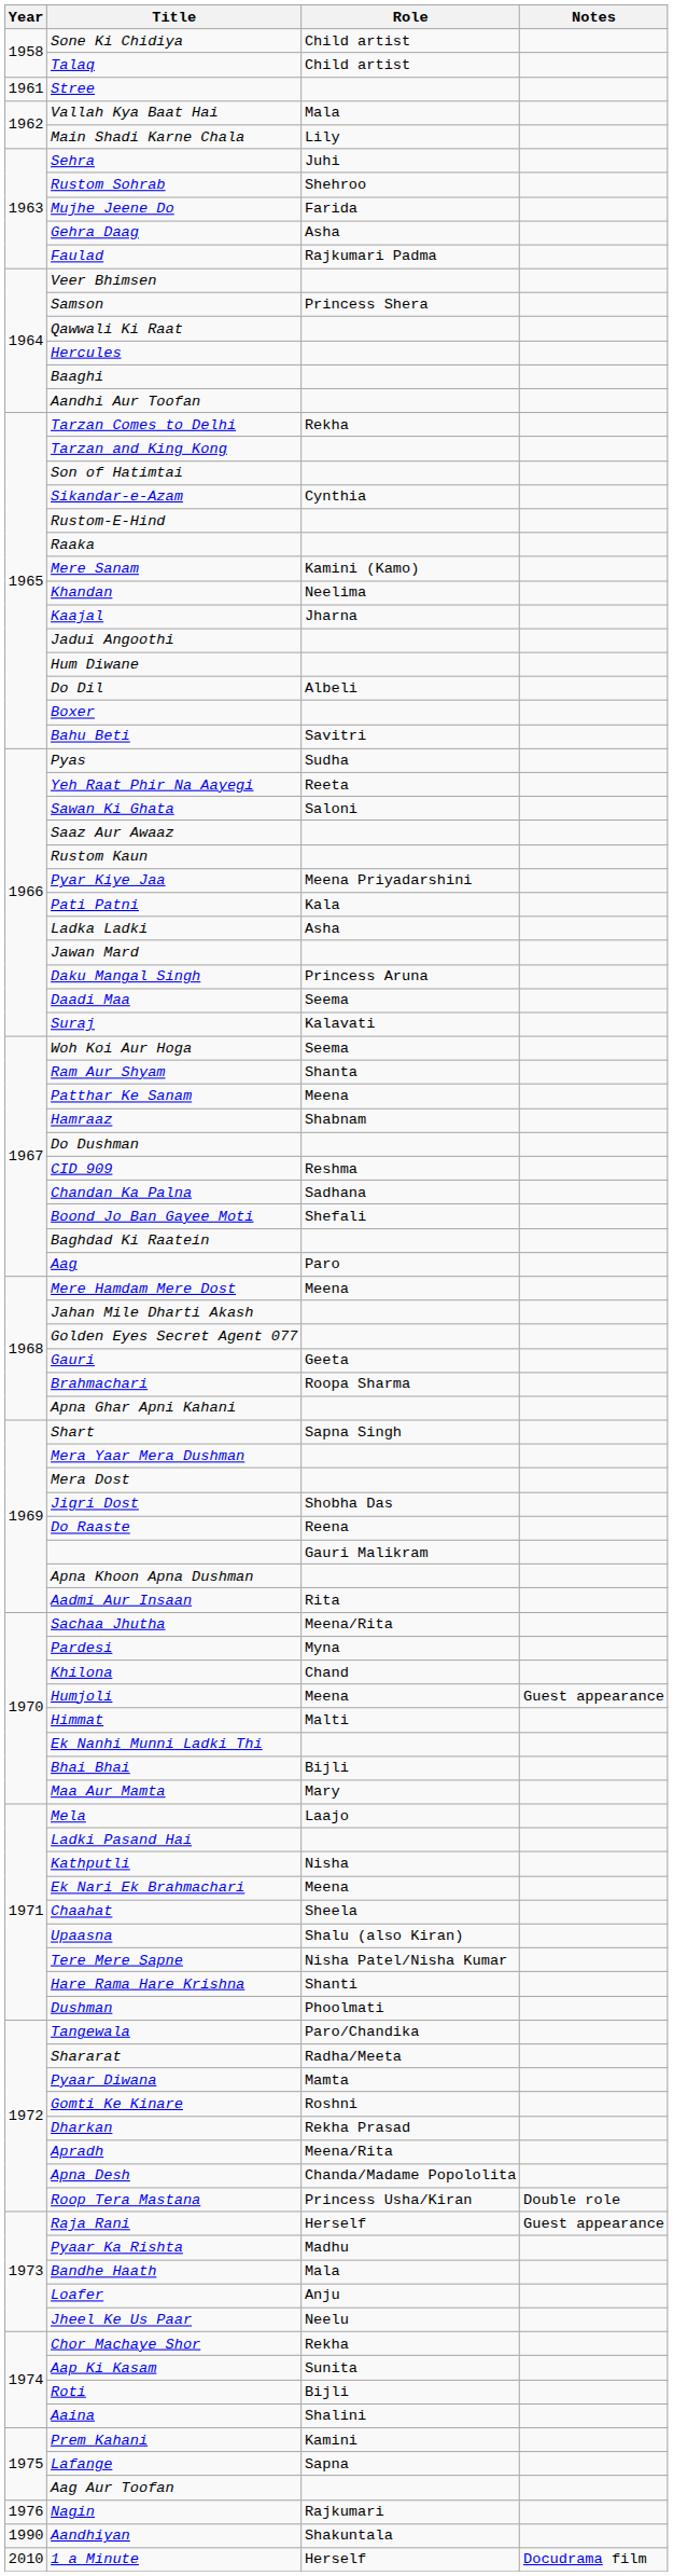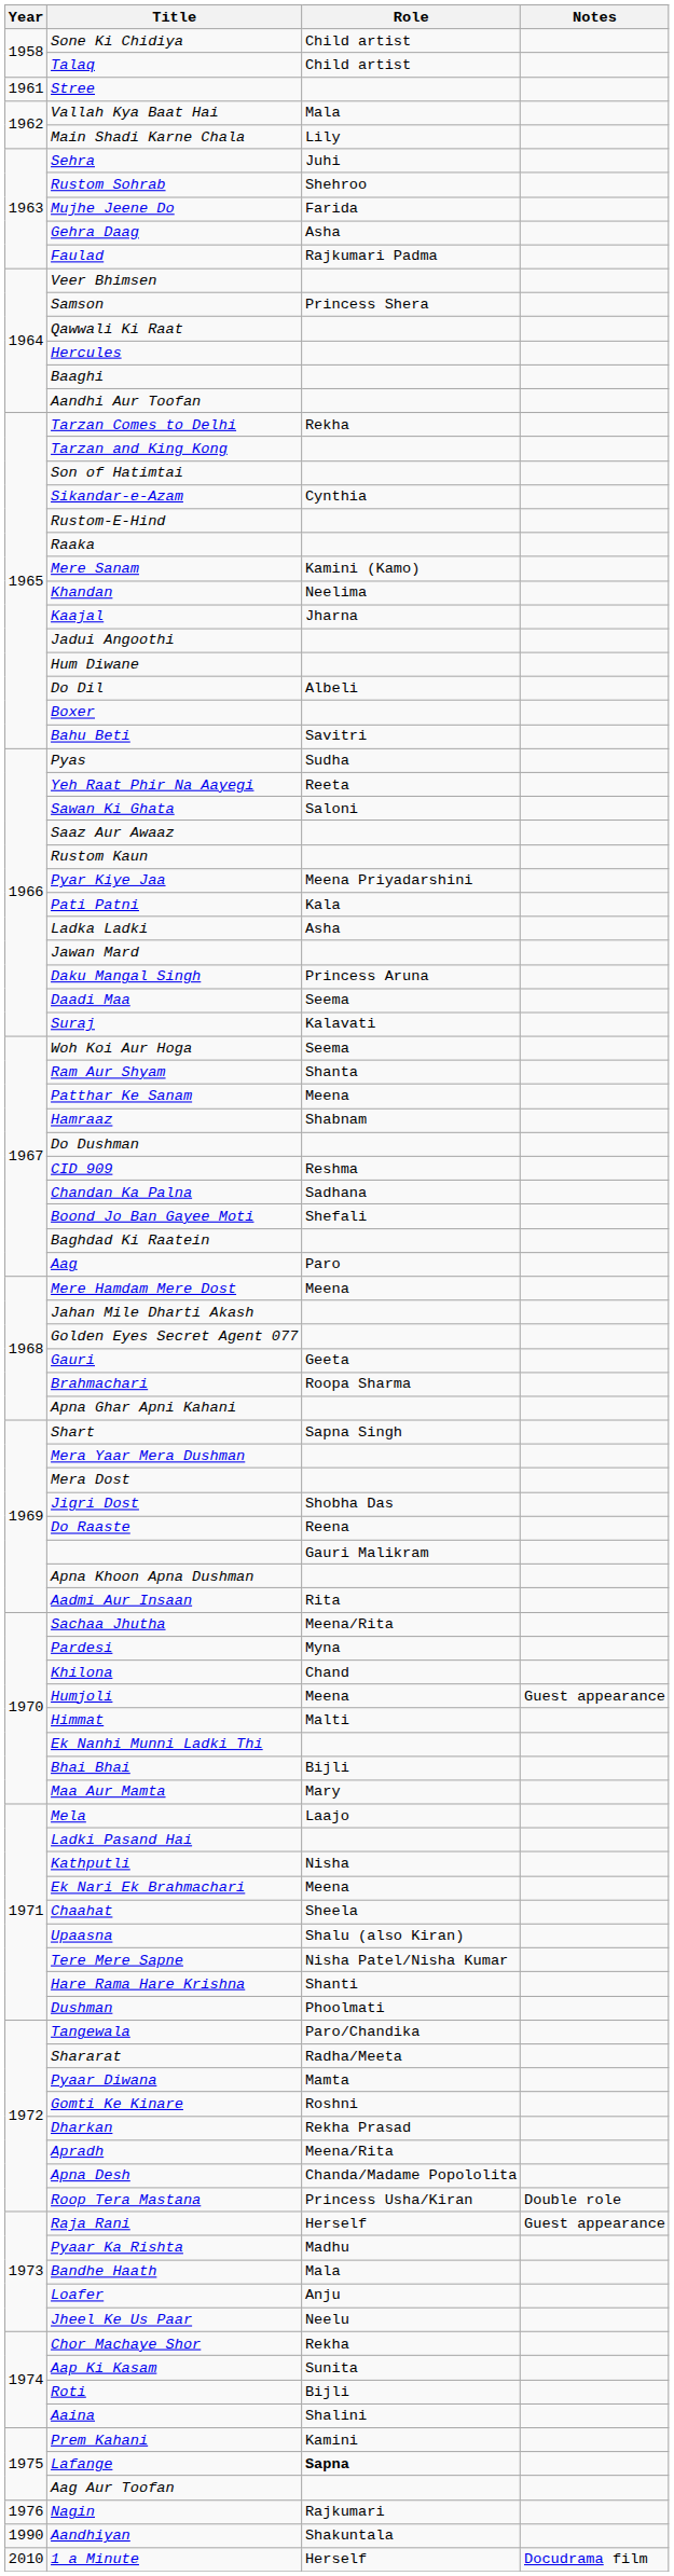 <table class="wikitable sortable">
 <tr>
 <th>Year</th>
 <th>Title</th>
 <th>Role</th>
 <th>Notes</th>
 </tr>
 <tr>
 <td rowspan="2">1958</td>
 <td><em>Sone Ki Chidiya</em></td>
 <td>Child artist</td>
 <td></td>
 </tr>
 <tr>
 <td><em><a href='#'> Talaq</a></em></td>
 <td>Child artist</td>
 <td></td>
 </tr>
 <tr>
 <td>1961</td>
 <td><em><a href='#'>Stree</a></em></td>
 <td></td>
 <td></td>
 </tr>
 <tr>
 <td rowspan="2">1962</td>
 <td><em>Vallah Kya Baat Hai</em></td>
 <td>Mala</td>
 <td></td>
 </tr>
 <tr>
 <td><em>Main Shadi Karne Chala</em></td>
 <td>Lily</td>
 <td></td>
 </tr>
 <tr>
 <td rowspan="5">1963</td>
 <td><em><a href='#'>Sehra</a></em></td>
 <td>Juhi</td>
 <td></td>
 </tr>
 <tr>
 <td><em><a href='#'>Rustom Sohrab</a></em></td>
 <td>Shehroo</td>
 <td></td>
 </tr>
 <tr>
 <td><em><a href='#'>Mujhe Jeene Do</a></em></td>
 <td>Farida</td>
 <td></td>
 </tr>
 <tr>
 <td><em><a href='#'>Gehra Daag</a></em></td>
 <td>Asha</td>
 <td></td>
 </tr>
 <tr>
 <td><em><a href='#'>Faulad</a></em></td>
 <td>Rajkumari Padma</td>
 <td></td>
 </tr>
 <tr>
 <td rowspan="6">1964</td>
 <td><em>Veer Bhimsen</em></td>
 <td></td>
 <td></td>
 </tr>
 <tr>
 <td><em>Samson</em></td>
 <td>Princess Shera</td>
 <td></td>
 </tr>
 <tr>
 <td><em>Qawwali Ki Raat</em></td>
 <td></td>
 <td></td>
 </tr>
 <tr>
 <td><em><a href='#'>Hercules</a></em></td>
 <td></td>
 <td></td>
 </tr>
 <tr>
 <td><em>Baaghi</em></td>
 <td></td>
 <td></td>
 </tr>
 <tr>
 <td><em>Aandhi Aur Toofan</em></td>
 <td></td>
 <td></td>
 </tr>
 <tr>
 <td rowspan="14">1965</td>
 <td><em><a href='#'>Tarzan Comes to Delhi</a></em></td>
 <td>Rekha</td>
 <td></td>
 </tr>
 <tr>
 <td><em><a href='#'>Tarzan and King Kong</a></em></td>
 <td></td>
 <td></td>
 </tr>
 <tr>
 <td><em>Son of Hatimtai</em></td>
 <td></td>
 <td></td>
 </tr>
 <tr>
 <td><em><a href='#'>Sikandar-e-Azam</a></em></td>
 <td>Cynthia</td>
 <td></td>
 </tr>
 <tr>
 <td><em>Rustom-E-Hind</em></td>
 <td></td>
 <td></td>
 </tr>
 <tr>
 <td><em>Raaka</em></td>
 <td></td>
 <td></td>
 </tr>
 <tr>
 <td><em><a href='#'>Mere Sanam</a></em></td>
 <td>Kamini (Kamo)</td>
 <td></td>
 </tr>
 <tr>
 <td><em><a href='#'>Khandan</a></em></td>
 <td>Neelima</td>
 <td></td>
 </tr>
 <tr>
 <td><em><a href='#'>Kaajal</a></em></td>
 <td>Jharna</td>
 <td></td>
 </tr>
 <tr>
 <td><em>Jadui Angoothi</em></td>
 <td></td>
 <td></td>
 </tr>
 <tr>
 <td><em>Hum Diwane</em></td>
 <td></td>
 <td></td>
 </tr>
 <tr>
 <td><em>Do Dil</em></td>
 <td>Albeli</td>
 <td></td>
 </tr>
 <tr>
 <td><em><a href='#'>Boxer</a></em></td>
 <td></td>
 <td></td>
 </tr>
 <tr>
 <td><em><a href='#'>Bahu Beti</a></em></td>
 <td>Savitri</td>
 <td></td>
 </tr>
 <tr>
 <td rowspan="12">1966</td>
 <td><em>Pyas</em></td>
 <td>Sudha</td>
 <td></td>
 </tr>
 <tr>
 <td><em><a href='#'>Yeh Raat Phir Na Aayegi</a></em></td>
 <td>Reeta</td>
 <td></td>
 </tr>
 <tr>
 <td><em><a href='#'>Sawan Ki Ghata</a></em></td>
 <td>Saloni</td>
 <td></td>
 </tr>
 <tr>
 <td><em>Saaz Aur Awaaz</em></td>
 <td></td>
 <td></td>
 </tr>
 <tr>
 <td><em>Rustom Kaun</em></td>
 <td></td>
 <td></td>
 </tr>
 <tr>
 <td><em><a href='#'>Pyar Kiye Jaa</a></em></td>
 <td>Meena Priyadarshini</td>
 <td></td>
 </tr>
 <tr>
 <td><em><a href='#'>Pati Patni</a></em></td>
 <td>Kala</td>
 <td></td>
 </tr>
 <tr>
 <td><em>Ladka Ladki</em></td>
 <td>Asha</td>
 <td></td>
 </tr>
 <tr>
 <td><em>Jawan Mard</em></td>
 <td></td>
 <td></td>
 </tr>
 <tr>
 <td><em><a href='#'>Daku Mangal Singh</a></em></td>
 <td>Princess Aruna</td>
 <td></td>
 </tr>
 <tr>
 <td><em><a href='#'>Daadi Maa</a></em></td>
 <td>Seema</td>
 <td></td>
 </tr>
 <tr>
 <td><em><a href='#'>Suraj</a></em></td>
 <td>Kalavati</td>
 <td></td>
 </tr>
 <tr>
 <td rowspan="10">1967</td>
 <td><em>Woh Koi Aur Hoga</em></td>
 <td>Seema</td>
 <td></td>
 </tr>
 <tr>
 <td><em><a href='#'>Ram Aur Shyam</a></em></td>
 <td>Shanta</td>
 <td></td>
 </tr>
 <tr>
 <td><em><a href='#'>Patthar Ke Sanam</a></em></td>
 <td>Meena</td>
 <td></td>
 </tr>
 <tr>
 <td><em><a href='#'>Hamraaz</a></em></td>
 <td>Shabnam</td>
 <td></td>
 </tr>
 <tr>
 <td><em>Do Dushman</em></td>
 <td></td>
 <td></td>
 </tr>
 <tr>
 <td><em><a href='#'>CID 909</a></em></td>
 <td>Reshma</td>
 <td></td>
 </tr>
 <tr>
 <td><em><a href='#'>Chandan Ka Palna</a></em></td>
 <td>Sadhana</td>
 <td></td>
 </tr>
 <tr>
 <td><em><a href='#'>Boond Jo Ban Gayee Moti</a></em></td>
 <td>Shefali</td>
 <td></td>
 </tr>
 <tr>
 <td><em>Baghdad Ki Raatein</em></td>
 <td></td>
 <td></td>
 </tr>
 <tr>
 <td><em><a href='#'>Aag</a></em></td>
 <td>Paro</td>
 <td></td>
 </tr>
 <tr>
 <td rowspan="6">1968</td>
 <td><em><a href='#'>Mere Hamdam Mere Dost</a></em></td>
 <td>Meena</td>
 <td></td>
 </tr>
 <tr>
 <td><em>Jahan Mile Dharti Akash</em></td>
 <td></td>
 <td></td>
 </tr>
 <tr>
 <td><em>Golden Eyes Secret Agent 077</em></td>
 <td></td>
 <td></td>
 </tr>
 <tr>
 <td><em><a href='#'>Gauri</a></em></td>
 <td>Geeta</td>
 <td></td>
 </tr>
 <tr>
 <td><em><a href='#'>Brahmachari</a></em></td>
 <td>Roopa Sharma</td>
 <td></td>
 </tr>
 <tr>
 <td><em>Apna Ghar Apni Kahani</em></td>
 <td></td>
 <td></td>
 </tr>
 <tr>
 <td rowspan="8">1969</td>
 <td><em>Shart</em></td>
 <td>Sapna Singh</td>
 <td></td>
 </tr>
 <tr>
 <td><em><a href='#'>Mera Yaar Mera Dushman</a></em></td>
 <td></td>
 <td></td>
 </tr>
 <tr>
 <td><em>Mera Dost</em></td>
 <td></td>
 <td></td>
 </tr>
 <tr>
 <td><em><a href='#'>Jigri Dost</a></em></td>
 <td>Shobha Das</td>
 <td></td>
 </tr>
 <tr>
 <td><em><a href='#'>Do Raaste</a></em></td>
 <td>Reena</td>
 <td></td>
 </tr>
 <tr>
 <td></td>
 <td>Gauri Malikram</td>
 <td></td>
 </tr>
 <tr>
 <td><em>Apna Khoon Apna Dushman</em></td>
 <td></td>
 <td></td>
 </tr>
 <tr>
 <td><em><a href='#'>Aadmi Aur Insaan</a></em></td>
 <td>Rita</td>
 <td></td>
 </tr>
 <tr>
 <td rowspan="8">1970</td>
 <td><em><a href='#'>Sachaa Jhutha</a></em></td>
 <td>Meena/Rita</td>
 <td></td>
 </tr>
 <tr>
 <td><em><a href='#'>Pardesi</a></em></td>
 <td>Myna</td>
 <td></td>
 </tr>
 <tr>
 <td><em><a href='#'>Khilona</a></em></td>
 <td>Chand</td>
 <td></td>
 </tr>
 <tr>
 <td><em><a href='#'>Humjoli</a></em></td>
 <td>Meena</td>
 <td>Guest appearance</td>
 </tr>
 <tr>
 <td><em><a href='#'>Himmat</a></em></td>
 <td>Malti</td>
 <td></td>
 </tr>
 <tr>
 <td><em><a href='#'>Ek Nanhi Munni Ladki Thi</a></em></td>
 <td></td>
 <td></td>
 </tr>
 <tr>
 <td><em><a href='#'>Bhai Bhai</a></em></td>
 <td>Bijli</td>
 <td></td>
 </tr>
 <tr>
 <td><em><a href='#'>Maa Aur Mamta</a></em></td>
 <td>Mary</td>
 <td></td>
 </tr>
 <tr>
 <td rowspan="9">1971</td>
 <td><em><a href='#'>Mela</a></em></td>
 <td>Laajo</td>
 <td></td>
 </tr>
 <tr>
 <td><em><a href='#'>Ladki Pasand Hai</a></em></td>
 <td></td>
 <td></td>
 </tr>
 <tr>
 <td><em><a href='#'>Kathputli</a></em></td>
 <td>Nisha</td>
 <td></td>
 </tr>
 <tr>
 <td><em><a href='#'>Ek Nari Ek Brahmachari</a></em></td>
 <td>Meena</td>
 <td></td>
 </tr>
 <tr>
 <td><em><a href='#'>Chaahat</a></em></td>
 <td>Sheela</td>
 <td></td>
 </tr>
 <tr>
 <td><em><a href='#'>Upaasna</a></em></td>
 <td>Shalu (also Kiran)</td>
 <td></td>
 </tr>
 <tr>
 <td><em><a href='#'>Tere Mere Sapne</a></em></td>
 <td>Nisha Patel/Nisha Kumar</td>
 <td></td>
 </tr>
 <tr>
 <td><em><a href='#'>Hare Rama Hare Krishna</a></em></td>
 <td>Shanti</td>
 <td></td>
 </tr>
 <tr>
 <td><em><a href='#'>Dushman</a></em></td>
 <td>Phoolmati</td>
 <td></td>
 </tr>
 <tr>
 <td rowspan="8">1972</td>
 <td><em><a href='#'>Tangewala</a></em></td>
 <td>Paro/Chandika</td>
 <td></td>
 </tr>
 <tr>
 <td><em>Shararat</em></td>
 <td>Radha/Meeta</td>
 <td></td>
 </tr>
 <tr>
 <td><em><a href='#'>Pyaar Diwana</a></em></td>
 <td>Mamta</td>
 <td></td>
 </tr>
 <tr>
 <td><em><a href='#'>Gomti Ke Kinare</a></em></td>
 <td>Roshni</td>
 <td></td>
 </tr>
 <tr>
 <td><em><a href='#'>Dharkan</a></em></td>
 <td>Rekha Prasad</td>
 <td></td>
 </tr>
 <tr>
 <td><em><a href='#'>Apradh</a></em></td>
 <td>Meena/Rita</td>
 <td></td>
 </tr>
 <tr>
 <td><em><a href='#'>Apna Desh</a></em></td>
 <td>Chanda/Madame Popololita</td>
 <td></td>
 </tr>
 <tr>
 <td><em><a href='#'>Roop Tera Mastana</a></em></td>
 <td>Princess Usha/Kiran</td>
 <td>Double role</td>
 </tr>
 <tr>
 <td rowspan="5">1973</td>
 <td><em><a href='#'> Raja Rani</a></em></td>
 <td>Herself</td>
 <td>Guest appearance</td>
 </tr>
 <tr>
 <td><em><a href='#'>Pyaar Ka Rishta</a></em></td>
 <td>Madhu</td>
 <td></td>
 </tr>
 <tr>
 <td><em><a href='#'>Bandhe Haath</a></em></td>
 <td>Mala</td>
 <td></td>
 </tr>
 <tr>
 <td><em><a href='#'>Loafer</a></em></td>
 <td>Anju</td>
 <td></td>
 </tr>
 <tr>
 <td><em><a href='#'>Jheel Ke Us Paar</a></em></td>
 <td>Neelu</td>
 <td></td>
 </tr>
 <tr>
 <td rowspan="4">1974</td>
 <td><em><a href='#'>Chor Machaye Shor</a></em></td>
 <td>Rekha</td>
 <td></td>
 </tr>
 <tr>
 <td><em><a href='#'>Aap Ki Kasam</a></em></td>
 <td>Sunita</td>
 <td></td>
 </tr>
 <tr>
 <td><em><a href='#'>Roti</a></em></td>
 <td>Bijli</td>
 <td></td>
 </tr>
 <tr>
 <td><em><a href='#'>Aaina</a></em></td>
 <td>Shalini</td>
 <td></td>
 </tr>
 <tr>
 <td rowspan="3">1975</td>
 <td><em><a href='#'>Prem Kahani</a></em></td>
 <td>Kamini</td>
 <td></td>
 </tr>
 <tr>
 <td><em><a href='#'>Lafange</a></em></td>
-<td>Sapna</td>
+<td><strong>Sapna</strong></td>
 <td></td>
 </tr>
 <tr>
 <td><em>Aag Aur Toofan</em></td>
 <td></td>
 <td></td>
 </tr>
 <tr>
 <td>1976</td>
 <td><em><a href='#'>Nagin</a></em></td>
 <td>Rajkumari</td>
 <td></td>
 </tr>
 <tr>
 <td>1990</td>
 <td><em><a href='#'>Aandhiyan</a></em></td>
 <td>Shakuntala</td>
 <td></td>
 </tr>
 <tr>
 <td>2010</td>
 <td><em><a href='#'>1 a Minute</a></em></td>
 <td>Herself</td>
 <td><a href='#'>Docudrama</a> film</td>
 </tr>
 </table>
